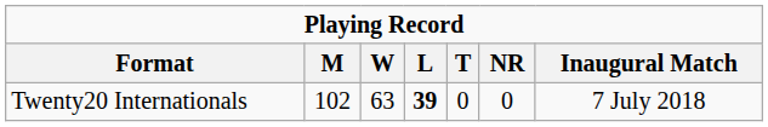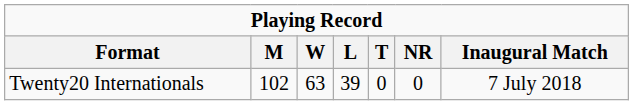 <table class="wikitable" style="text-align: center; width: 500px;">
 <tr>
 <td colspan=7 align="center"><strong>Playing Record</strong></td>
 </tr>
 <tr>
 <th>Format</th>
 <th>M</th>
 <th>W</th>
 <th>L</th>
 <th>T</th>
 <th>NR</th>
 <th>Inaugural Match</th>
 </tr>
 <tr>
 <td align="left">Twenty20 Internationals</td>
 <td>102</td>
 <td>63</td>
-<td><strong>39</strong></td>
+<td>39</td>
 <td>0</td>
 <td>0</td>
 <td>7 July 2018</td>
 </tr>
 </table>
